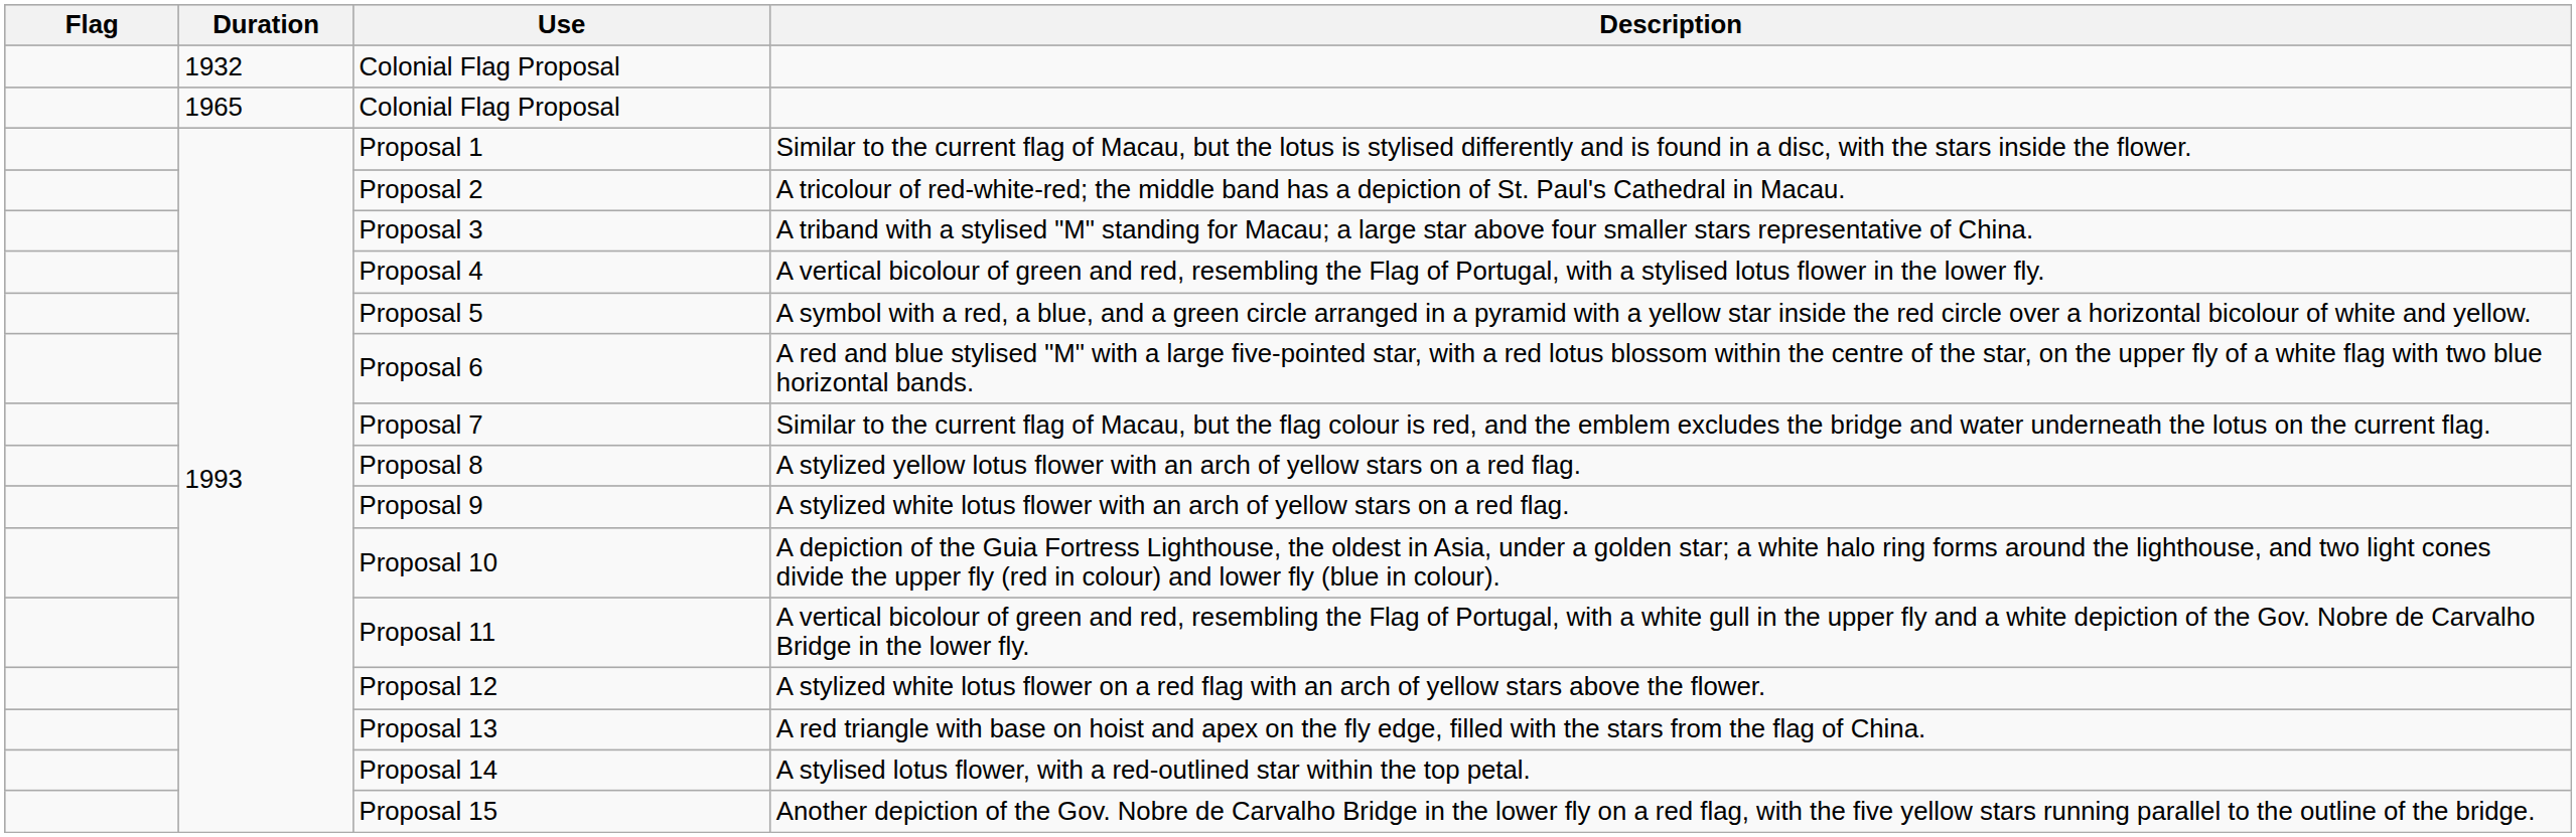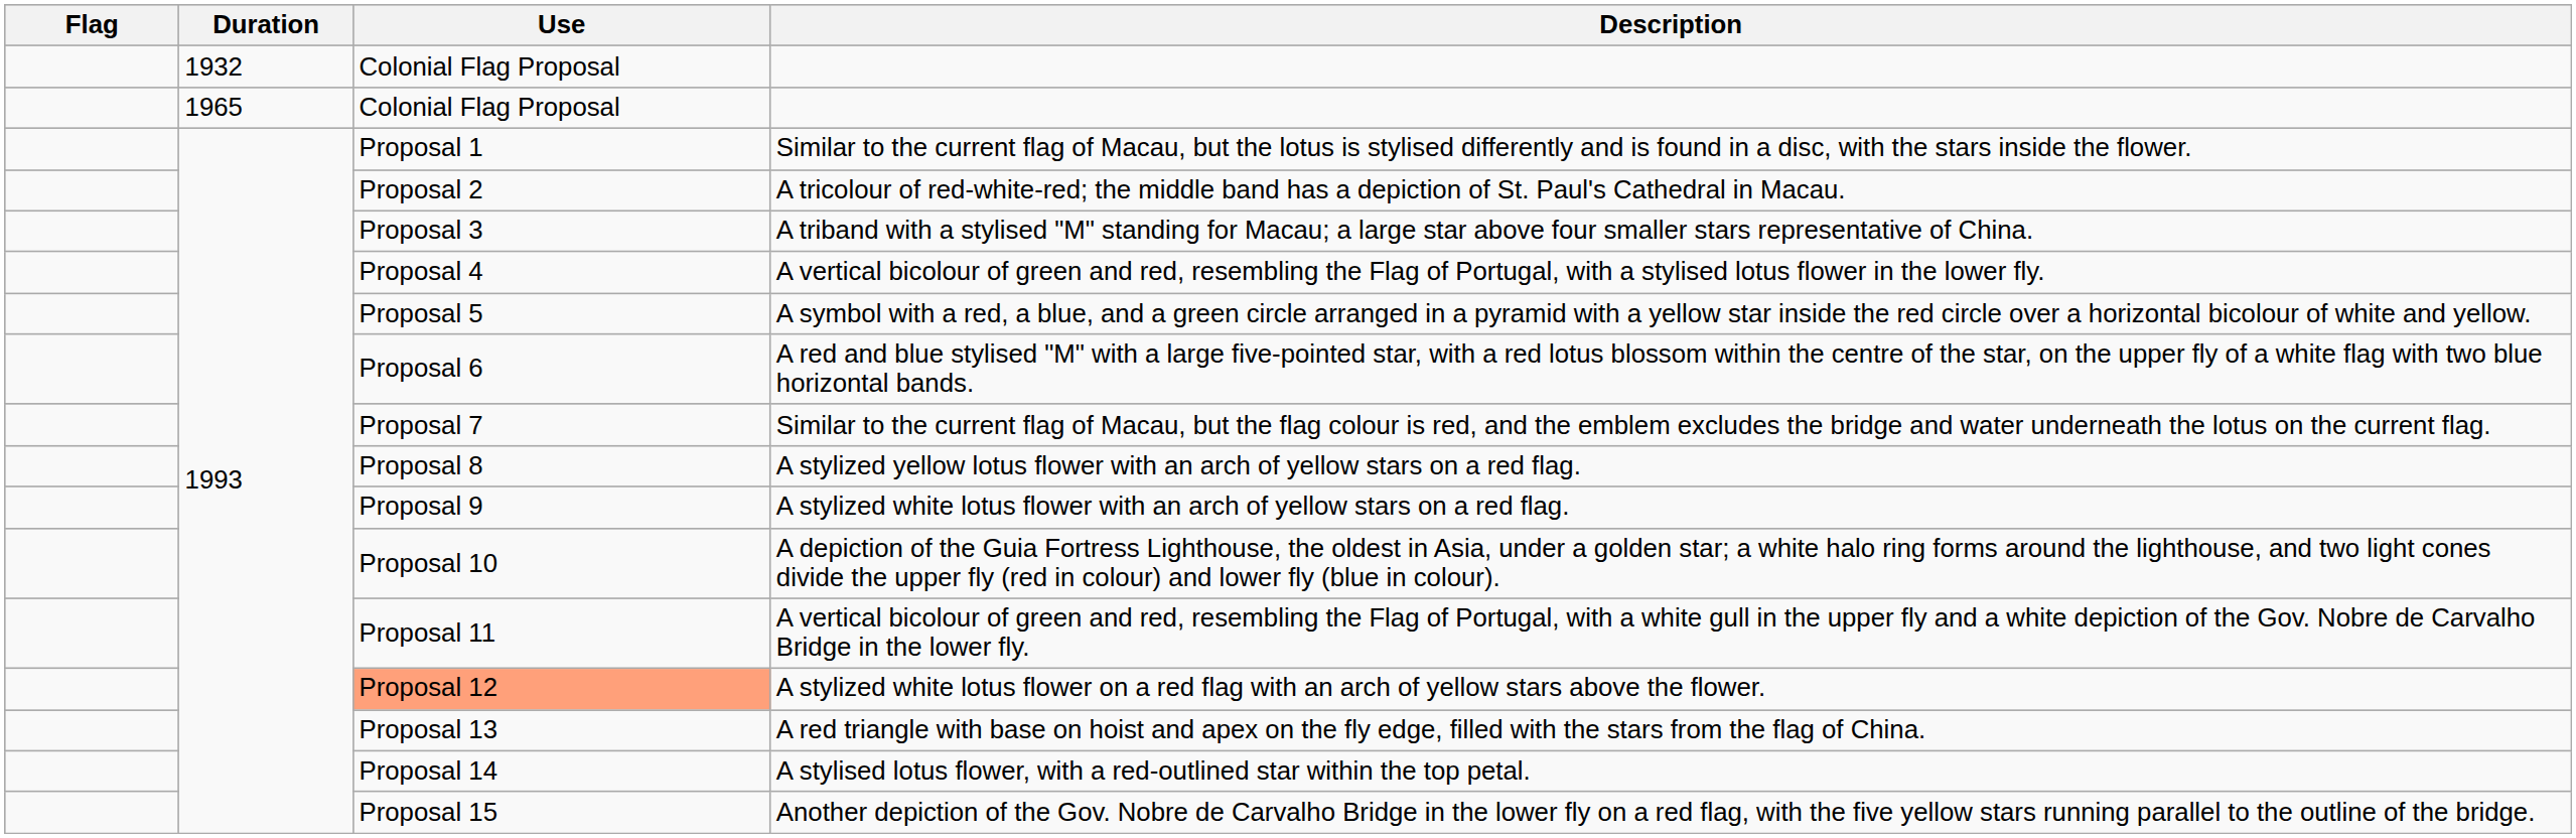 <table class="wikitable" width="100%">
 <tr>
 <th width="100px">Flag</th>
 <th width="100px">Duration</th>
 <th width="250px">Use</th>
 <th style="min-width:250px">Description</th>
 </tr>
 <tr>
 <td></td>
 <td>1932</td>
 <td>Colonial Flag Proposal</td>
 <td></td>
 </tr>
 <tr>
 <td></td>
 <td>1965</td>
 <td>Colonial Flag Proposal</td>
 <td></td>
 </tr>
 <tr>
 <td></td>
 <td rowspan="15">1993</td>
 <td>Proposal 1</td>
 <td>Similar to the current flag of Macau, but the lotus is stylised differently and is found in a disc, with the stars inside the flower.</td>
 </tr>
 <tr>
 <td></td>
 <td>Proposal 2</td>
 <td>A tricolour of red-white-red; the middle band has a depiction of St. Paul's Cathedral in Macau.</td>
 </tr>
 <tr>
 <td></td>
 <td>Proposal 3</td>
 <td>A triband with a stylised "M" standing for Macau; a large star above four smaller stars representative of China.</td>
 </tr>
 <tr>
 <td></td>
 <td>Proposal 4</td>
 <td>A vertical bicolour of green and red, resembling the Flag of Portugal, with a stylised lotus flower in the lower fly.</td>
 </tr>
 <tr>
 <td></td>
 <td>Proposal 5</td>
 <td>A symbol with a red, a blue, and a green circle arranged in a pyramid with a yellow star inside the red circle over a horizontal bicolour of white and yellow.</td>
 </tr>
 <tr>
 <td></td>
 <td>Proposal 6</td>
 <td>A red and blue stylised "M" with a large five-pointed star, with a red lotus blossom within the centre of the star, on the upper fly of a white flag with two blue horizontal bands.</td>
 </tr>
 <tr>
 <td></td>
 <td>Proposal 7</td>
 <td>Similar to the current flag of Macau, but the flag colour is red, and the emblem excludes the bridge and water underneath the lotus on the current flag.</td>
 </tr>
 <tr>
 <td></td>
 <td>Proposal 8</td>
 <td>A stylized yellow lotus flower with an arch of yellow stars on a red flag.</td>
 </tr>
 <tr>
 <td></td>
 <td>Proposal 9</td>
 <td>A stylized white lotus flower with an arch of yellow stars on a red flag.</td>
 </tr>
 <tr>
 <td></td>
 <td>Proposal 10</td>
 <td>A depiction of the Guia Fortress Lighthouse, the oldest in Asia, under a golden star; a white halo ring forms around the lighthouse, and two light cones divide the upper fly (red in colour) and lower fly (blue in colour).</td>
 </tr>
 <tr>
 <td></td>
 <td>Proposal 11</td>
 <td>A vertical bicolour of green and red, resembling the Flag of Portugal, with a white gull in the upper fly and a white depiction of the Gov. Nobre de Carvalho Bridge in the lower fly.</td>
 </tr>
 <tr>
 <td></td>
-<td>Proposal 12</td>
+<td style="background: lightsalmon;">Proposal 12</td>
 <td>A stylized white lotus flower on a red flag with an arch of yellow stars above the flower.</td>
 </tr>
 <tr>
 <td></td>
 <td>Proposal 13</td>
 <td>A red triangle with base on hoist and apex on the fly edge, filled with the stars from the flag of China.</td>
 </tr>
 <tr>
 <td></td>
 <td>Proposal 14</td>
 <td>A stylised lotus flower, with a red-outlined star within the top petal.</td>
 </tr>
 <tr>
 <td></td>
 <td>Proposal 15</td>
 <td>Another depiction of the Gov. Nobre de Carvalho Bridge in the lower fly on a red flag, with the five yellow stars running parallel to the outline of the bridge.</td>
 </tr>
 </table>
